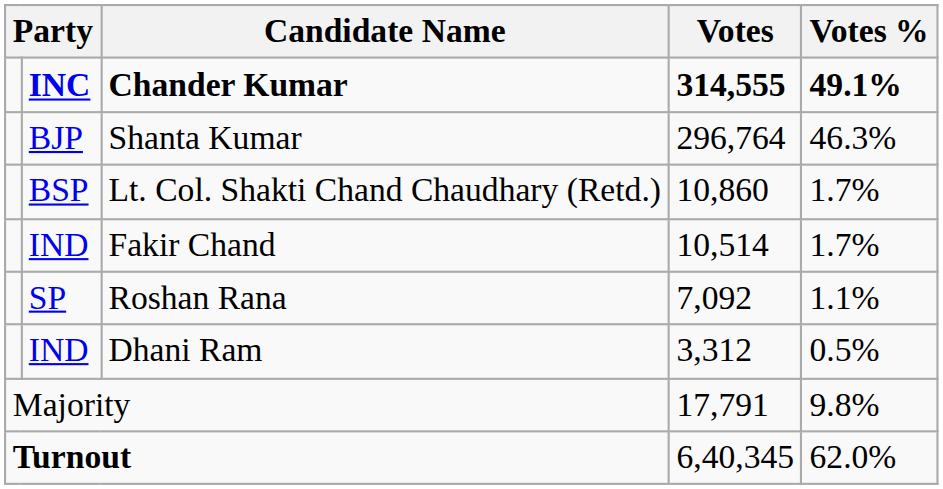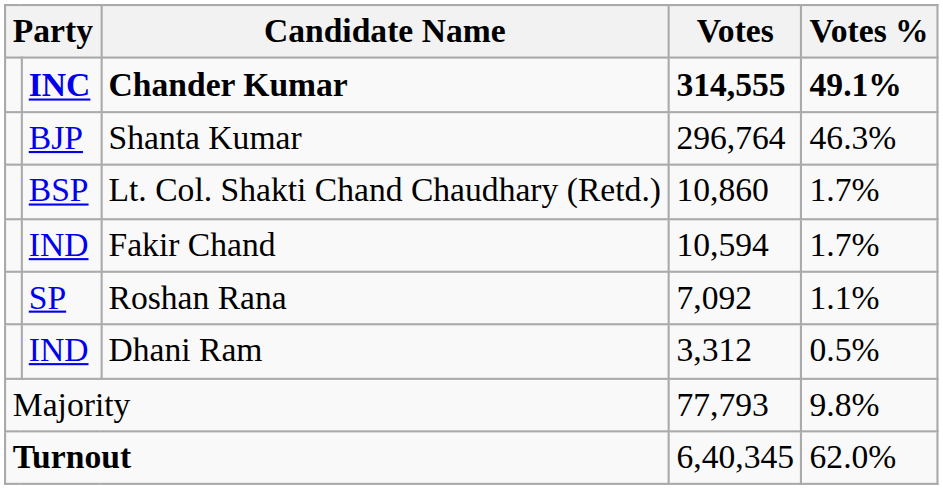 <table class="wikitable sortable">
 <tr>
 <th colspan="2" rowspan="1">Party</th>
 <th colspan="1" rowspan="1">Candidate Name</th>
 <th colspan="1" rowspan="1">Votes</th>
 <th colspan="1" rowspan="1">Votes %</th>
 </tr>
 <tr>
 <td></td>
 <td><strong><a href='#'>INC</a></strong></td>
 <td><strong>Chander Kumar</strong></td>
 <td><strong>314,555</strong></td>
 <td><strong>49.1%</strong></td>
 </tr>
 <tr>
 <td></td>
 <td><a href='#'>BJP</a></td>
 <td>Shanta Kumar</td>
 <td>296,764</td>
 <td>46.3%</td>
 </tr>
 <tr>
 <td></td>
 <td><a href='#'>BSP</a></td>
 <td>Lt. Col. Shakti Chand Chaudhary (Retd.)</td>
 <td>10,860</td>
 <td>1.7%</td>
 </tr>
 <tr>
 <td></td>
 <td><a href='#'>IND</a></td>
 <td>Fakir Chand</td>
-<td>10,514</td>
+<td>10,594</td>
 <td>1.7%</td>
 </tr>
 <tr>
 <td></td>
 <td><a href='#'>SP</a></td>
 <td>Roshan Rana</td>
 <td>7,092</td>
 <td>1.1%</td>
 </tr>
 <tr>
 <td></td>
 <td><a href='#'>IND</a></td>
 <td>Dhani Ram</td>
 <td>3,312</td>
 <td>0.5%</td>
 </tr>
 <tr>
 <td colspan="3">Majority</td>
-<td>17,791</td>
+<td>77,793</td>
 <td>9.8%</td>
 </tr>
 <tr>
 <td colspan="3"><strong>Turnout</strong></td>
 <td>6,40,345</td>
 <td>62.0%</td>
 </tr>
 </table>
